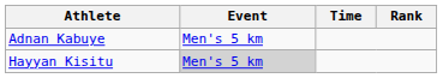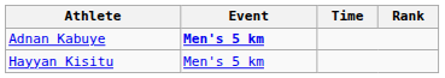 <table class="wikitable" style="text-align:center; font-size:90%; width:30%;">
 <tr>
 <th>Athlete</th>
 <th>Event</th>
 <th>Time</th>
 <th>Rank</th>
 </tr>
 <tr>
 <td align=left><a href='#'>Adnan Kabuye</a></td>
-<td align=left><a href='#'>Men's 5 km</a></td>
+<td align=left><strong><a href='#'>Men's 5 km</a></strong></td>
 <td colspan=2></td>
 </tr>
 <tr>
 <td align=left><a href='#'>Hayyan Kisitu</a></td>
-<td align=left style="background: lightgrey;"><a href='#'>Men's 5 km</a></td>
+<td align=left><a href='#'>Men's 5 km</a></td>
 <td colspan=2></td>
 </tr>
 </table>
